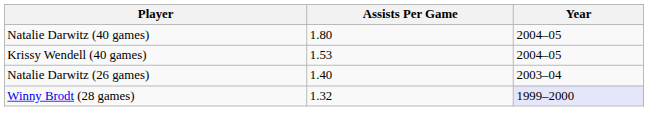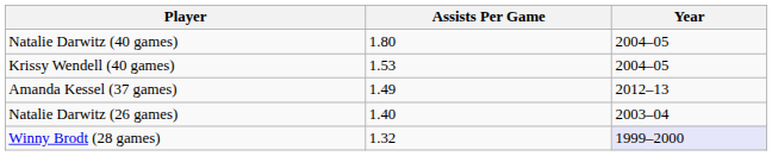 <table class="wikitable" style="width: 50em">
 <tr>
 <th>Player</th>
 <th>Assists Per Game</th>
 <th>Year</th>
 </tr>
 <tr>
 <td>Natalie Darwitz (40 games)</td>
 <td>1.80</td>
 <td>2004–05</td>
 </tr>
 <tr>
 <td>Krissy Wendell (40 games)</td>
 <td>1.53</td>
 <td>2004–05</td>
 </tr>
 <tr>
+<td>Amanda Kessel (37 games)</td>
+<td>1.49</td>
+<td>2012–13</td>
+</tr>
+<tr>
 <td>Natalie Darwitz (26 games)</td>
 <td>1.40</td>
 <td>2003–04</td>
 </tr>
 <tr>
 <td><a href='#'>Winny Brodt</a> (28 games)</td>
 <td>1.32</td>
 <td style="background: lavender;">1999–2000</td>
 </tr>
 </table>
